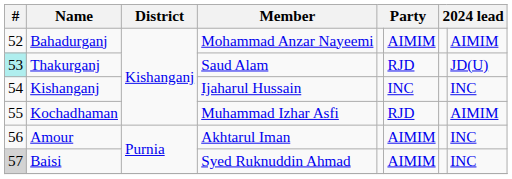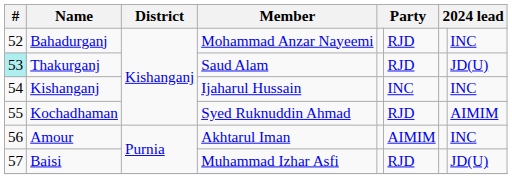 <table class="wikitable">
 <tr>
 <th>#</th>
 <th>Name</th>
 <th>District</th>
 <th>Member</th>
 <th colspan="2">Party</th>
 <th colspan="2">2024 lead</th>
 </tr>
 <tr>
 <td>52</td>
 <td><a href='#'>Bahadurganj</a></td>
 <td rowspan="4"><a href='#'>Kishanganj</a></td>
 <td><a href='#'>Mohammad Anzar Nayeemi</a></td>
 <td style="background-color: "></td>
-<td><a href='#'>AIMIM</a></td>
+<td><a href='#'>RJD</a></td>
 <td style="background-color: "></td>
-<td><a href='#'>AIMIM</a></td>
+<td><a href='#'>INC</a></td>
 </tr>
 <tr>
 <td style="background: paleturquoise;">53</td>
 <td><a href='#'>Thakurganj</a></td>
 <td><a href='#'>Saud Alam</a></td>
 <td style="background-color: "></td>
 <td><a href='#'>RJD</a></td>
 <td style="background-color: "></td>
 <td><a href='#'>JD(U)</a></td>
 </tr>
 <tr>
 <td>54</td>
 <td><a href='#'>Kishanganj</a></td>
 <td><a href='#'>Ijaharul Hussain</a></td>
 <td style="background-color: "></td>
 <td><a href='#'>INC</a></td>
 <td style="background-color: "></td>
 <td><a href='#'>INC</a></td>
 </tr>
 <tr>
 <td>55</td>
 <td><a href='#'>Kochadhaman</a></td>
-<td><a href='#'>Muhammad Izhar Asfi</a></td>
+<td><a href='#'>Syed Ruknuddin Ahmad</a></td>
 <td style="background-color: "></td>
 <td><a href='#'>RJD</a></td>
 <td style="background-color: "></td>
 <td><a href='#'>AIMIM</a></td>
 </tr>
 <tr>
 <td>56</td>
 <td><a href='#'>Amour</a></td>
 <td rowspan="2"><a href='#'>Purnia</a></td>
 <td><a href='#'>Akhtarul Iman</a></td>
 <td style="background-color: "></td>
 <td><a href='#'>AIMIM</a></td>
 <td style="background-color: "></td>
 <td><a href='#'>INC</a></td>
 </tr>
 <tr>
-<td style="background: lightgrey;">57</td>
+<td>57</td>
 <td><a href='#'>Baisi</a></td>
-<td><a href='#'>Syed Ruknuddin Ahmad</a></td>
+<td><a href='#'>Muhammad Izhar Asfi</a></td>
 <td style="background-color: "></td>
-<td><a href='#'>AIMIM</a></td>
+<td><a href='#'>RJD</a></td>
 <td style="background-color: "></td>
-<td><a href='#'>INC</a></td>
+<td><a href='#'>JD(U)</a></td>
 </tr>
 <tr>
 </tr>
 </table>
